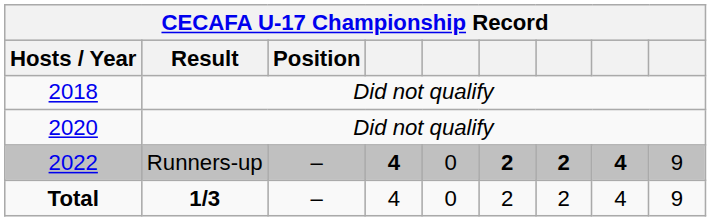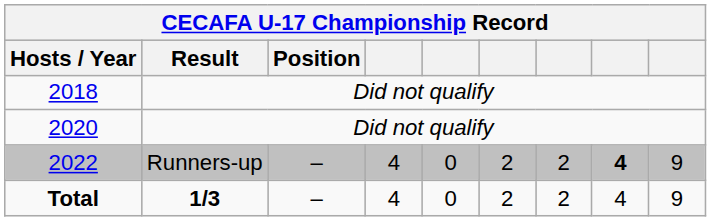 <table class="wikitable" style="text-align: center;font-size:90%;">
 <tr>
 <th colspan=9><a href='#'>CECAFA U-17 Championship</a> Record</th>
 </tr>
 <tr>
 <th>Hosts / Year</th>
 <th>Result</th>
 <th>Position</th>
 <th width=30></th>
 <th width=30></th>
 <th width=30></th>
 <th width=30></th>
 <th width=30></th>
 <th width=30></th>
 </tr>
 <tr>
 <td> <a href='#'>2018</a></td>
 <td colspan=13><em>Did not qualify</em></td>
 </tr>
 <tr>
 <td> <a href='#'>2020</a></td>
 <td colspan=13><em>Did not qualify</em></td>
 </tr>
 <tr style="background:silver;">
 <td> <a href='#'>2022</a></td>
 <td>Runners-up</td>
 <td>–</td>
-<td><strong>4</strong></td>
+<td>4</td>
 <td>0</td>
-<td><strong>2</strong></td>
-<td><strong>2</strong></td>
+<td>2</td>
+<td>2</td>
 <td><strong>4</strong></td>
 <td>9</td>
 </tr>
 <tr>
 <td><strong>Total</strong></td>
 <td><strong>1/3</strong></td>
 <td>–</td>
 <td>4</td>
 <td>0</td>
 <td>2</td>
 <td>2</td>
 <td>4</td>
 <td>9</td>
 </tr>
 </table>
